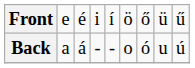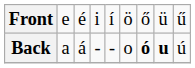 <table class="wikitable">
 <tr>
 <th>Front</th>
 <td>e</td>
 <td>é</td>
 <td>i</td>
 <td>í</td>
 <td>ö</td>
 <td>ő</td>
 <td>ü</td>
 <td>ű</td>
 </tr>
 <tr>
 <th>Back</th>
 <td>a</td>
 <td>á</td>
 <td>-</td>
 <td>-</td>
 <td>o</td>
-<td>ó</td>
-<td>u</td>
+<td><strong>ó</strong></td>
+<td><strong>u</strong></td>
 <td>ú</td>
 </tr>
 <tr>
 </tr>
 </table>
